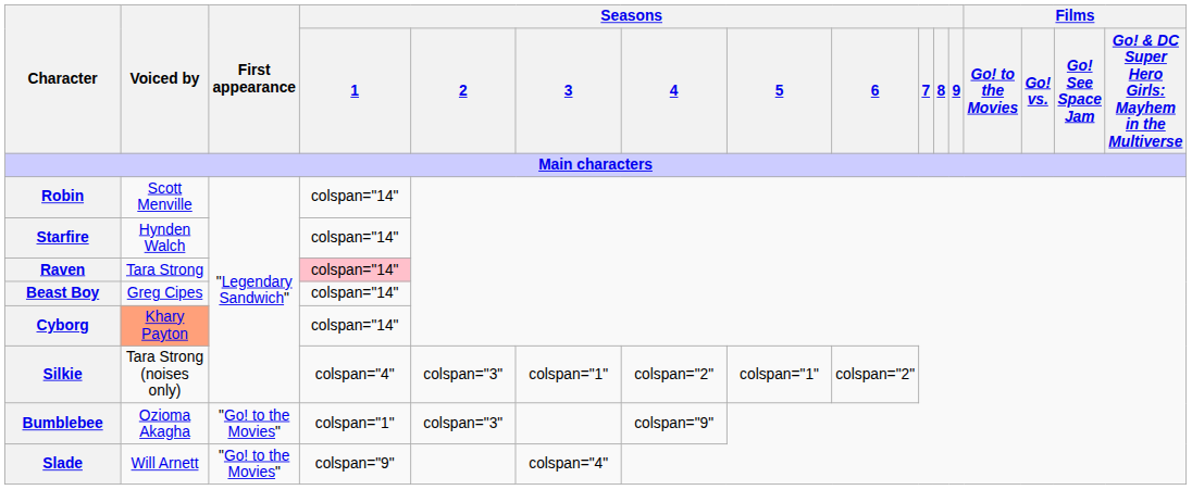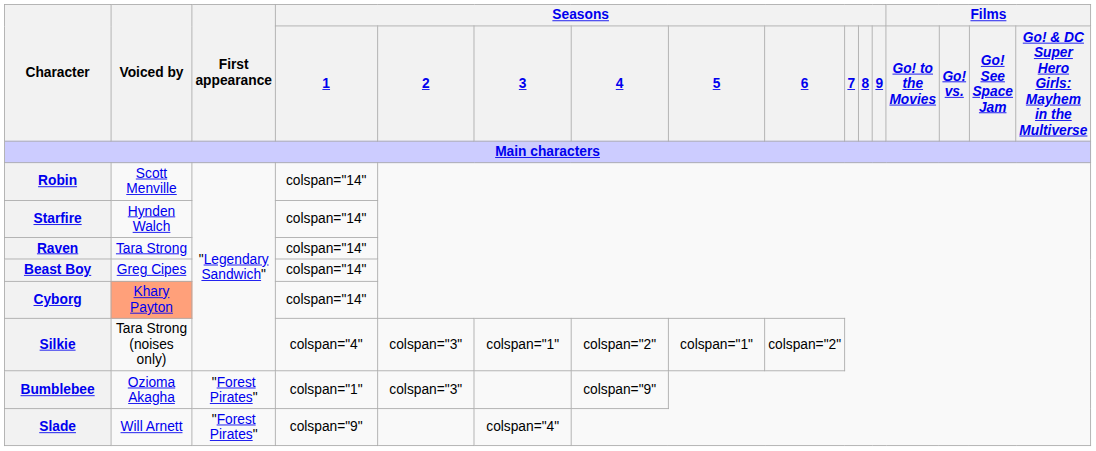 <table class="wikitable" style="text-align:center; width:100%">
 <tr>
 <th rowspan="2" style="width:15%;">Character</th>
 <th rowspan="2" style="width:12.5%;">Voiced by</th>
 <th rowspan="2" style="width:5%;">First appearance</th>
 <th scope="col" colspan="9"><a href='#'>Seasons</a></th>
 <th scope="col" colspan="4"><a href='#'>Films</a></th>
 </tr>
 <tr>
 <th style="width:12.5%;"><a href='#'>1</a></th>
 <th style="width:12.5%;"><a href='#'>2</a></th>
 <th style="width:12.5%;"><a href='#'>3</a></th>
 <th style="width:12.5%;"><a href='#'>4</a></th>
 <th style="width:12.5%;"><a href='#'>5</a></th>
 <th style="width:12.5%;"><a href='#'>6</a></th>
 <th style="width:12.5%;"><a href='#'>7</a></th>
 <th style="width:12.5%;"><a href='#'>8</a></th>
 <th style="width:12.5%;"><a href='#'>9</a></th>
 <th style="width:12.5%;"><a href='#'><em>Go! to the Movies</em></a></th>
 <th style="width:12.5%;"><a href='#'><em>Go! vs.</em></a></th>
 <th style="width:12.5%;"><a href='#'><em>Go! See Space Jam</em></a></th>
 <th style="width:12.5%;"><a href='#'><em>Go! & DC Super Hero Girls: Mayhem in the Multiverse</em></a></th>
 </tr>
 <tr>
 <th colspan="16" style="background-color:#ccccff;"><a href='#'>Main characters</a></th>
 </tr>
 <tr>
 <th scope="row"><a href='#'>Robin</a></th>
 <td><a href='#'>Scott Menville</a></td>
 <td rowspan="6">"<a href='#'>Legendary Sandwich</a>"</td>
 <td>colspan="14" </td>
 </tr>
 <tr>
 <th scope="row"><a href='#'>Starfire</a></th>
 <td><a href='#'>Hynden Walch</a></td>
 <td>colspan="14" </td>
 </tr>
 <tr>
 <th scope="row"><a href='#'>Raven</a></th>
 <td><a href='#'>Tara Strong</a></td>
-<td style="background: pink;">colspan="14" </td>
+<td>colspan="14" </td>
 </tr>
 <tr>
 <th scope="row"><a href='#'>Beast Boy</a></th>
 <td><a href='#'>Greg Cipes</a></td>
 <td>colspan="14" </td>
 </tr>
 <tr>
 <th scope="row"><a href='#'>Cyborg</a></th>
 <td style="background: lightsalmon;"><a href='#'>Khary Payton</a></td>
 <td>colspan="14" </td>
 </tr>
 <tr>
 <th scope="row"><a href='#'>Silkie</a></th>
 <td>Tara Strong (noises only)</td>
 <td>colspan="4" </td>
 <td>colspan="3" </td>
 <td>colspan="1" </td>
 <td>colspan="2" </td>
 <td>colspan="1" </td>
 <td>colspan="2" </td>
 </tr>
 <tr>
 <th scope="row"><a href='#'>Bumblebee</a></th>
 <td><a href='#'>Ozioma Akagha</a></td>
-<td>"<a href='#'>Go! to the Movies</a>"</td>
+<td>"<a href='#'>Forest Pirates</a>"</td>
 <td>colspan="1" </td>
 <td>colspan="3" </td>
 <td></td>
 <td>colspan="9" </td>
 </tr>
 <tr>
 <th scope="row"><a href='#'>Slade</a></th>
 <td><a href='#'>Will Arnett</a></td>
-<td>"<a href='#'>Go! to the Movies</a>"</td>
+<td>"<a href='#'>Forest Pirates</a>"</td>
 <td>colspan="9" </td>
 <td></td>
 <td>colspan="4" </td>
 </tr>
 </table>
